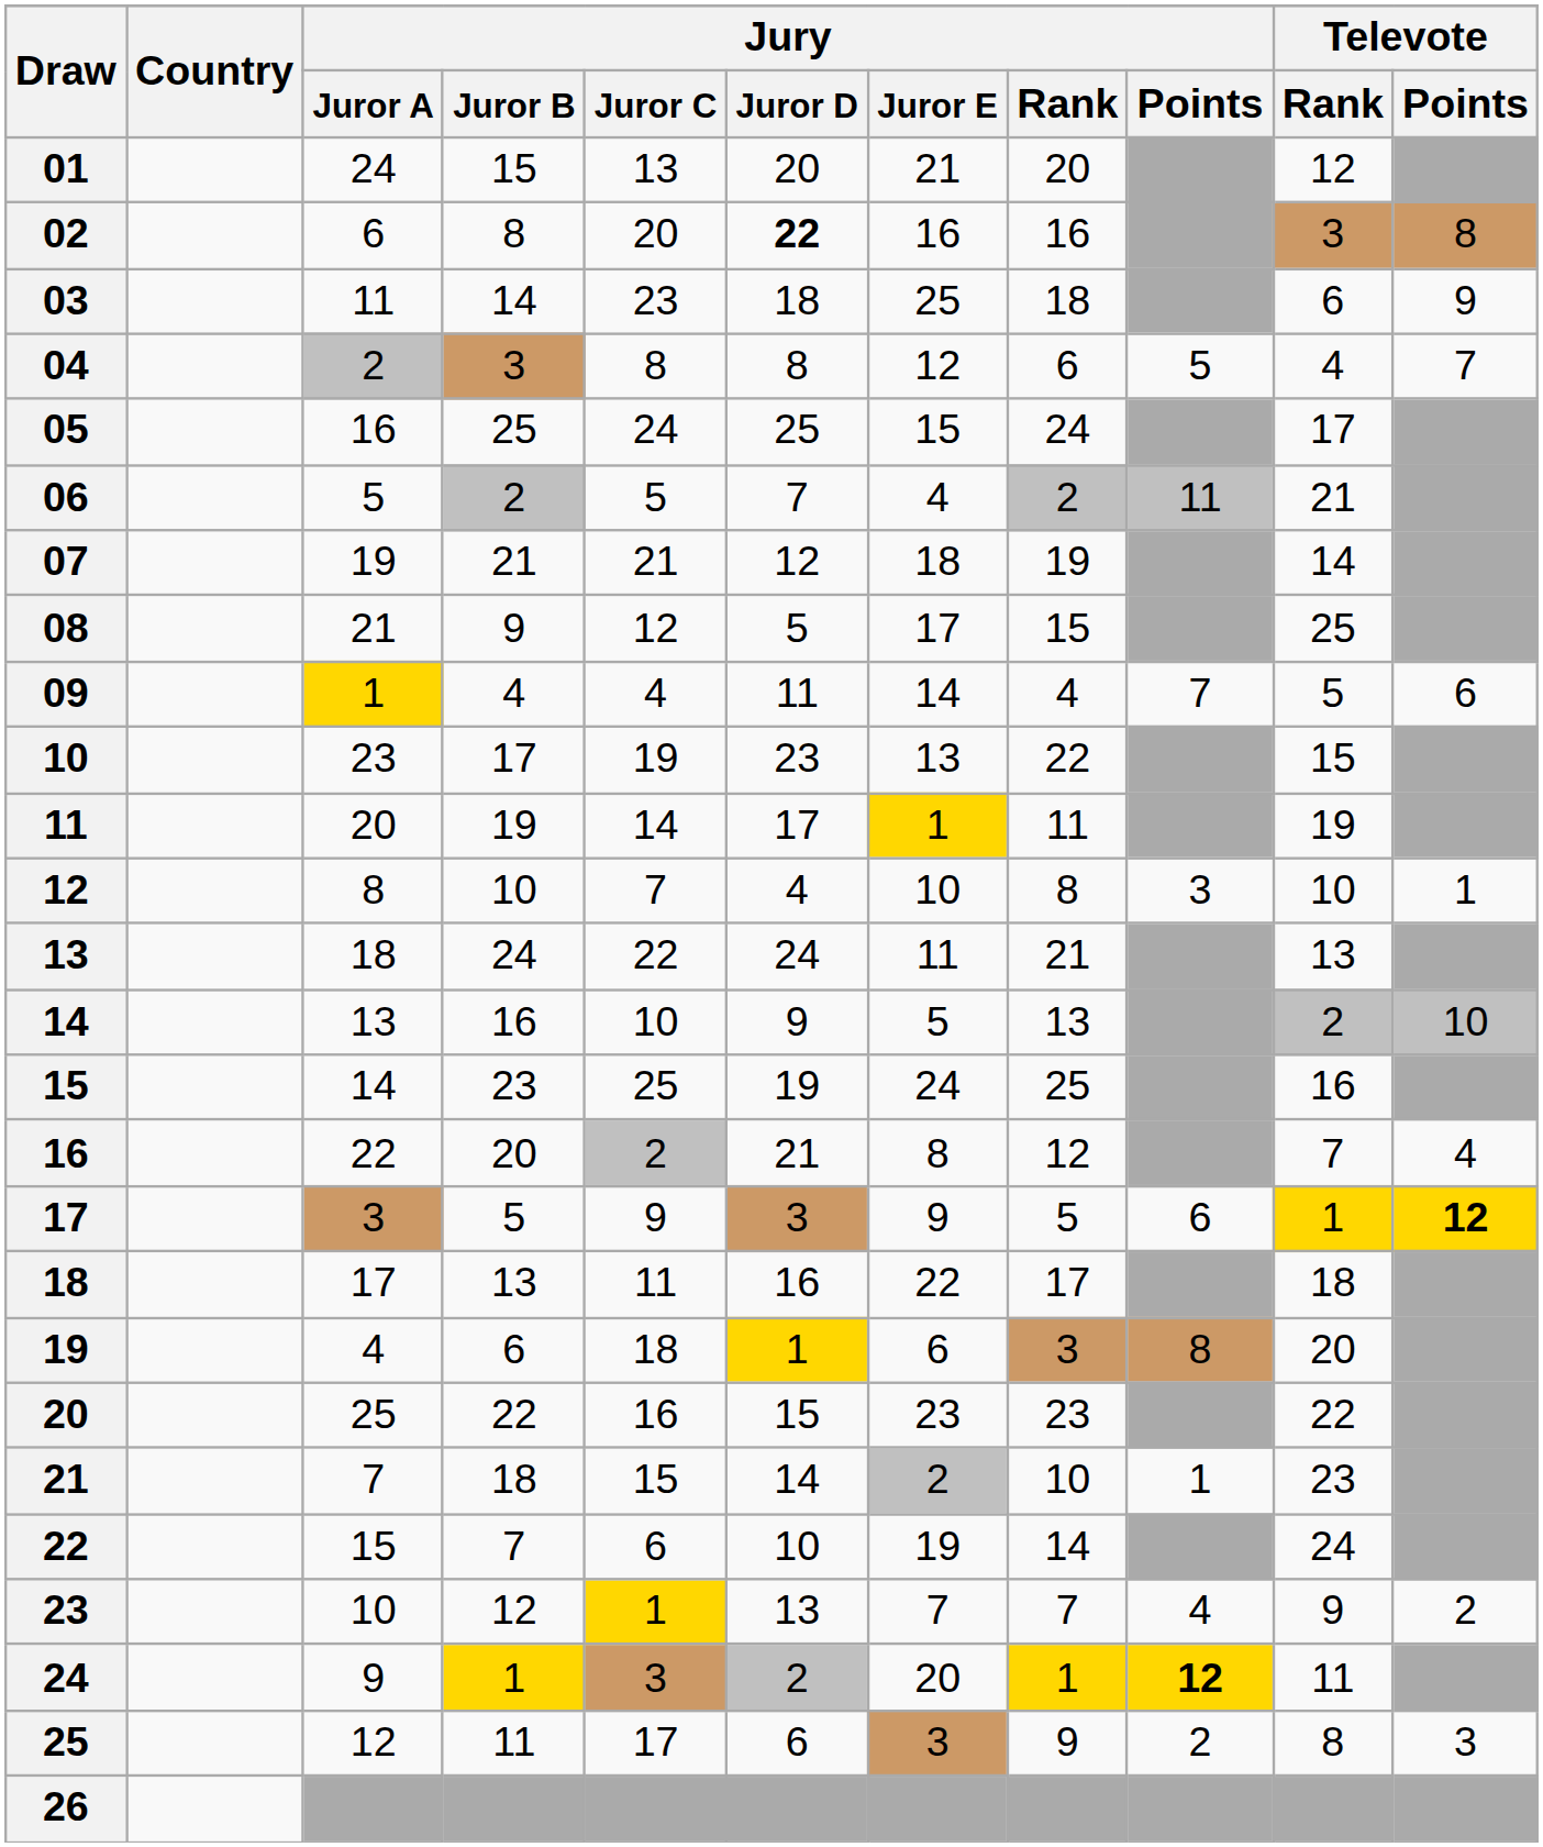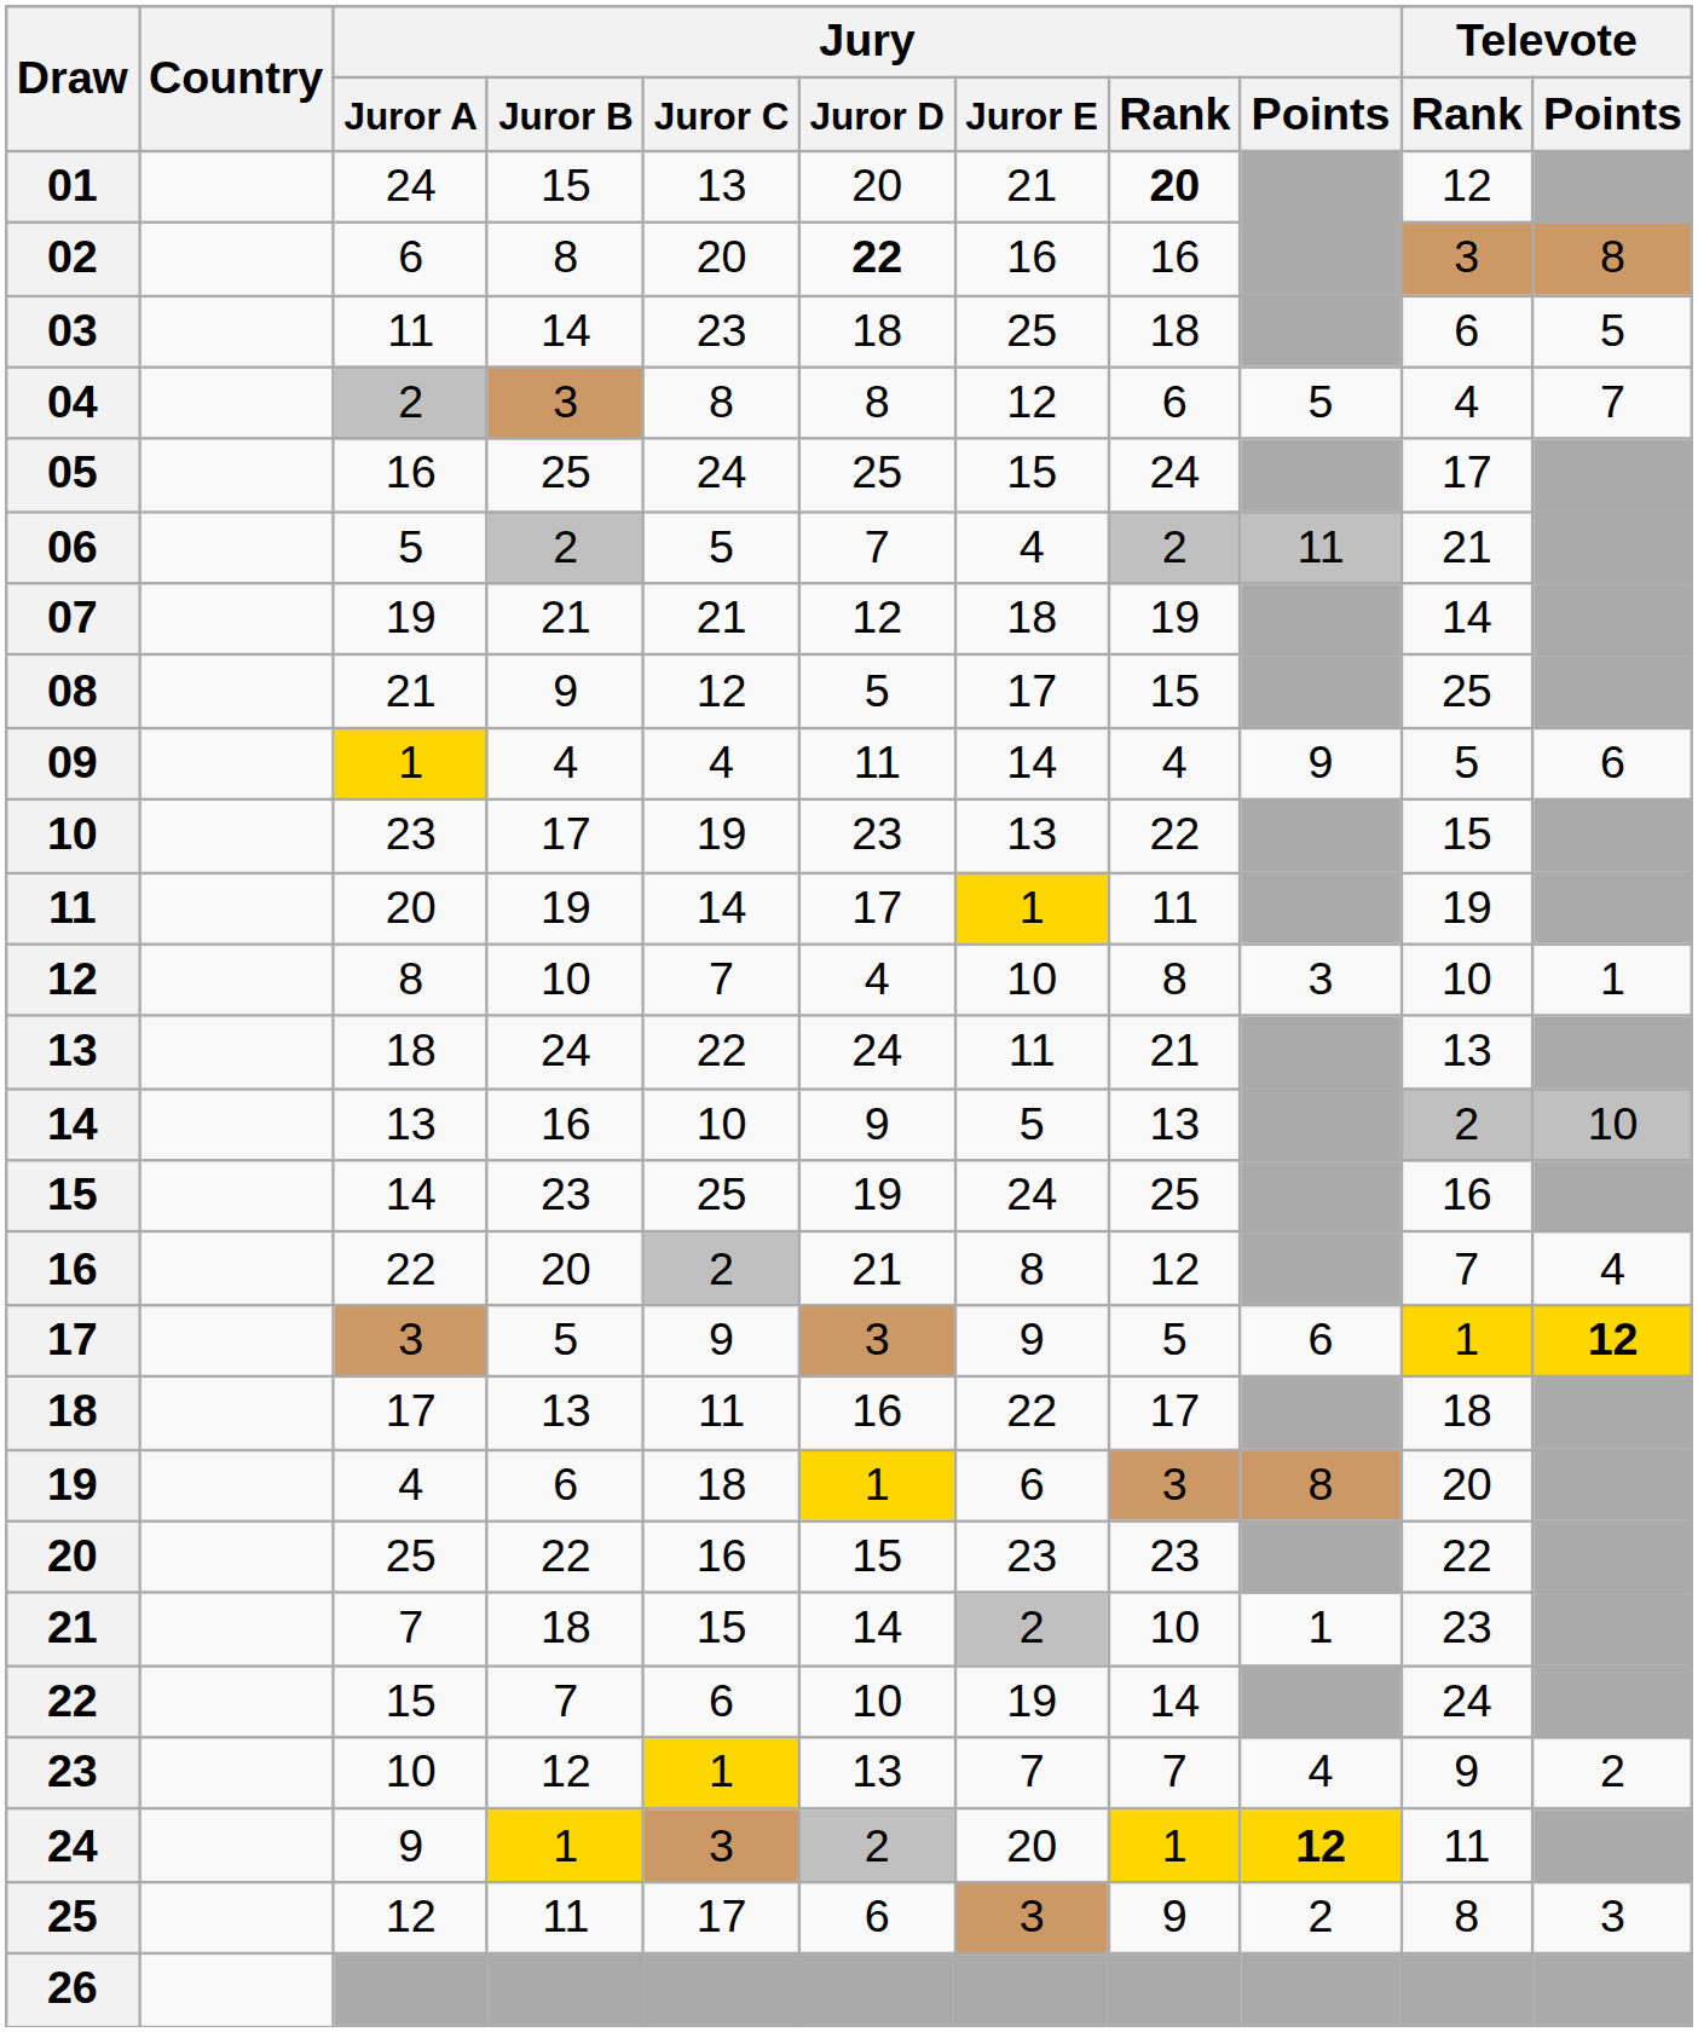 <table class="sortable wikitable collapsible plainrowheaders" style="text-align:center;">
 <tr>
 </tr>
 <tr>
 <th scope="col" rowspan="2">Draw</th>
 <th scope="col" rowspan="2">Country</th>
 <th scope="col" colspan="7">Jury</th>
 <th scope="col" colspan="2">Televote</th>
 </tr>
 <tr>
 <th scope="col"><small>Juror A</small></th>
 <th scope="col"><small>Juror B</small></th>
 <th scope="col"><small>Juror C</small></th>
 <th scope="col"><small>Juror D</small></th>
 <th scope="col"><small>Juror E</small></th>
 <th scope="col">Rank</th>
 <th scope="col" class="unsortable">Points</th>
 <th scope="col">Rank</th>
 <th scope="col" class="unsortable">Points</th>
 </tr>
 <tr>
 <th scope="row" style="text-align:center;">01</th>
 <td style="text-align:left;"></td>
 <td>24</td>
 <td>15</td>
 <td>13</td>
 <td>20</td>
 <td>21</td>
-<td>20</td>
+<td><strong>20</strong></td>
 <td style="background:#AAAAAA;"></td>
 <td>12</td>
 <td style="background:#AAAAAA;"></td>
 </tr>
 <tr>
 <th scope="row" style="text-align:center;">02</th>
 <td style="text-align:left;"></td>
 <td>6</td>
 <td>8</td>
 <td>20</td>
 <td><strong>22</strong></td>
 <td>16</td>
 <td>16</td>
 <td style="background:#AAAAAA;"></td>
 <td style="background:#CC9966;">3</td>
 <td style="background:#CC9966;">8</td>
 </tr>
 <tr>
 <th scope="row" style="text-align:center;">03</th>
 <td style="text-align:left;"></td>
 <td>11</td>
 <td>14</td>
 <td>23</td>
 <td>18</td>
 <td>25</td>
 <td>18</td>
 <td style="background:#AAAAAA;"></td>
 <td>6</td>
-<td>9</td>
+<td>5</td>
 </tr>
 <tr>
 <th scope="row" style="text-align:center;">04</th>
 <td style="text-align:left;"></td>
 <td style="background:silver;">2</td>
 <td style="background:#CC9966;">3</td>
 <td>8</td>
 <td>8</td>
 <td>12</td>
 <td>6</td>
 <td>5</td>
 <td>4</td>
 <td>7</td>
 </tr>
 <tr>
 <th scope="row" style="text-align:center;">05</th>
 <td style="text-align:left;"></td>
 <td>16</td>
 <td>25</td>
 <td>24</td>
 <td>25</td>
 <td>15</td>
 <td>24</td>
 <td style="background:#AAAAAA;"></td>
 <td>17</td>
 <td style="background:#AAAAAA;"></td>
 </tr>
 <tr>
 <th scope="row" style="text-align:center;">06</th>
 <td style="text-align:left;"></td>
 <td>5</td>
 <td style="background:silver;">2</td>
 <td>5</td>
 <td>7</td>
 <td>4</td>
 <td style="background:silver;">2</td>
 <td style="background:silver;">11</td>
 <td>21</td>
 <td style="background:#AAAAAA;"></td>
 </tr>
 <tr>
 <th scope="row" style="text-align:center;">07</th>
 <td style="text-align:left;"></td>
 <td>19</td>
 <td>21</td>
 <td>21</td>
 <td>12</td>
 <td>18</td>
 <td>19</td>
 <td style="background:#AAAAAA;"></td>
 <td>14</td>
 <td style="background:#AAAAAA;"></td>
 </tr>
 <tr>
 <th scope="row" style="text-align:center;">08</th>
 <td style="text-align:left;"></td>
 <td>21</td>
 <td>9</td>
 <td>12</td>
 <td>5</td>
 <td>17</td>
 <td>15</td>
 <td style="background:#AAAAAA;"></td>
 <td>25</td>
 <td style="background:#AAAAAA;"></td>
 </tr>
 <tr>
 <th scope="row" style="text-align:center;">09</th>
 <td style="text-align:left;"></td>
 <td style="background:gold;">1</td>
 <td>4</td>
 <td>4</td>
 <td>11</td>
 <td>14</td>
 <td>4</td>
-<td>7</td>
+<td>9</td>
 <td>5</td>
 <td>6</td>
 </tr>
 <tr>
 <th scope="row" style="text-align:center;">10</th>
 <td style="text-align:left;"></td>
 <td>23</td>
 <td>17</td>
 <td>19</td>
 <td>23</td>
 <td>13</td>
 <td>22</td>
 <td style="background:#AAAAAA;"></td>
 <td>15</td>
 <td style="background:#AAAAAA;"></td>
 </tr>
 <tr>
 <th scope="row" style="text-align:center;">11</th>
 <td style="text-align:left;"></td>
 <td>20</td>
 <td>19</td>
 <td>14</td>
 <td>17</td>
 <td style="background:gold;">1</td>
 <td>11</td>
 <td style="background:#AAAAAA;"></td>
 <td>19</td>
 <td style="background:#AAAAAA;"></td>
 </tr>
 <tr>
 <th scope="row" style="text-align:center;">12</th>
 <td style="text-align:left;"></td>
 <td>8</td>
 <td>10</td>
 <td>7</td>
 <td>4</td>
 <td>10</td>
 <td>8</td>
 <td>3</td>
 <td>10</td>
 <td>1</td>
 </tr>
 <tr>
 <th scope="row" style="text-align:center;">13</th>
 <td style="text-align:left;"></td>
 <td>18</td>
 <td>24</td>
 <td>22</td>
 <td>24</td>
 <td>11</td>
 <td>21</td>
 <td style="background:#AAAAAA;"></td>
 <td>13</td>
 <td style="background:#AAAAAA;"></td>
 </tr>
 <tr>
 <th scope="row" style="text-align:center;">14</th>
 <td style="text-align:left;"></td>
 <td>13</td>
 <td>16</td>
 <td>10</td>
 <td>9</td>
 <td>5</td>
 <td>13</td>
 <td style="background:#AAAAAA;"></td>
 <td style="background:silver;">2</td>
 <td style="background:silver;">10</td>
 </tr>
 <tr>
 <th scope="row" style="text-align:center;">15</th>
 <td style="text-align:left;"></td>
 <td>14</td>
 <td>23</td>
 <td>25</td>
 <td>19</td>
 <td>24</td>
 <td>25</td>
 <td style="background:#AAAAAA;"></td>
 <td>16</td>
 <td style="background:#AAAAAA;"></td>
 </tr>
 <tr>
 <th scope="row" style="text-align:center;">16</th>
 <td style="text-align:left;"></td>
 <td>22</td>
 <td>20</td>
 <td style="background:silver;">2</td>
 <td>21</td>
 <td>8</td>
 <td>12</td>
 <td style="background:#AAAAAA;"></td>
 <td>7</td>
 <td>4</td>
 </tr>
 <tr>
 <th scope="row" style="text-align:center;">17</th>
 <td style="text-align:left;"></td>
 <td style="background:#CC9966;">3</td>
 <td>5</td>
 <td>9</td>
 <td style="background:#CC9966;">3</td>
 <td>9</td>
 <td>5</td>
 <td>6</td>
 <td style="background:gold;">1</td>
 <td style="background:gold;"><strong>12</strong></td>
 </tr>
 <tr>
 <th scope="row" style="text-align:center;">18</th>
 <td style="text-align:left;"></td>
 <td>17</td>
 <td>13</td>
 <td>11</td>
 <td>16</td>
 <td>22</td>
 <td>17</td>
 <td style="background:#AAAAAA;"></td>
 <td>18</td>
 <td style="background:#AAAAAA;"></td>
 </tr>
 <tr>
 <th scope="row" style="text-align:center;">19</th>
 <td style="text-align:left;"></td>
 <td>4</td>
 <td>6</td>
 <td>18</td>
 <td style="background:gold;">1</td>
 <td>6</td>
 <td style="background:#CC9966;">3</td>
 <td style="background:#CC9966;">8</td>
 <td>20</td>
 <td style="background:#AAAAAA;"></td>
 </tr>
 <tr>
 <th scope="row" style="text-align:center;">20</th>
 <td style="text-align:left;"></td>
 <td>25</td>
 <td>22</td>
 <td>16</td>
 <td>15</td>
 <td>23</td>
 <td>23</td>
 <td style="background:#AAAAAA;"></td>
 <td>22</td>
 <td style="background:#AAAAAA;"></td>
 </tr>
 <tr>
 <th scope="row" style="text-align:center;">21</th>
 <td style="text-align:left;"></td>
 <td>7</td>
 <td>18</td>
 <td>15</td>
 <td>14</td>
 <td style="background:silver;">2</td>
 <td>10</td>
 <td>1</td>
 <td>23</td>
 <td style="background:#AAAAAA;"></td>
 </tr>
 <tr>
 <th scope="row" style="text-align:center;">22</th>
 <td style="text-align:left;"></td>
 <td>15</td>
 <td>7</td>
 <td>6</td>
 <td>10</td>
 <td>19</td>
 <td>14</td>
 <td style="background:#AAAAAA;"></td>
 <td>24</td>
 <td style="background:#AAAAAA;"></td>
 </tr>
 <tr>
 <th scope="row" style="text-align:center;">23</th>
 <td style="text-align:left;"></td>
 <td>10</td>
 <td>12</td>
 <td style="background:gold;">1</td>
 <td>13</td>
 <td>7</td>
 <td>7</td>
 <td>4</td>
 <td>9</td>
 <td>2</td>
 </tr>
 <tr>
 <th scope="row" style="text-align:center;">24</th>
 <td style="text-align:left;"></td>
 <td>9</td>
 <td style="background:gold;">1</td>
 <td style="background:#CC9966;">3</td>
 <td style="background:silver;">2</td>
 <td>20</td>
 <td style="background:gold;">1</td>
 <td style="background:gold;"><strong>12</strong></td>
 <td>11</td>
 <td style="background:#AAAAAA;"></td>
 </tr>
 <tr>
 <th scope="row" style="text-align:center;">25</th>
 <td style="text-align:left;"></td>
 <td>12</td>
 <td>11</td>
 <td>17</td>
 <td>6</td>
 <td style="background:#CC9966;">3</td>
 <td>9</td>
 <td>2</td>
 <td>8</td>
 <td>3</td>
 </tr>
 <tr class=sortbottom>
 <th scope="row" style="text-align:center;">26</th>
 <td style="text-align:left;"></td>
 <td style="background:#AAAAAA;"></td>
 <td style="background:#AAAAAA;"></td>
 <td style="background:#AAAAAA;"></td>
 <td style="background:#AAAAAA;"></td>
 <td style="background:#AAAAAA;"></td>
 <td style="background:#AAAAAA;"></td>
 <td style="background:#AAAAAA;"></td>
 <td style="background:#AAAAAA;"></td>
 <td style="background:#AAAAAA;"></td>
 </tr>
 </table>
